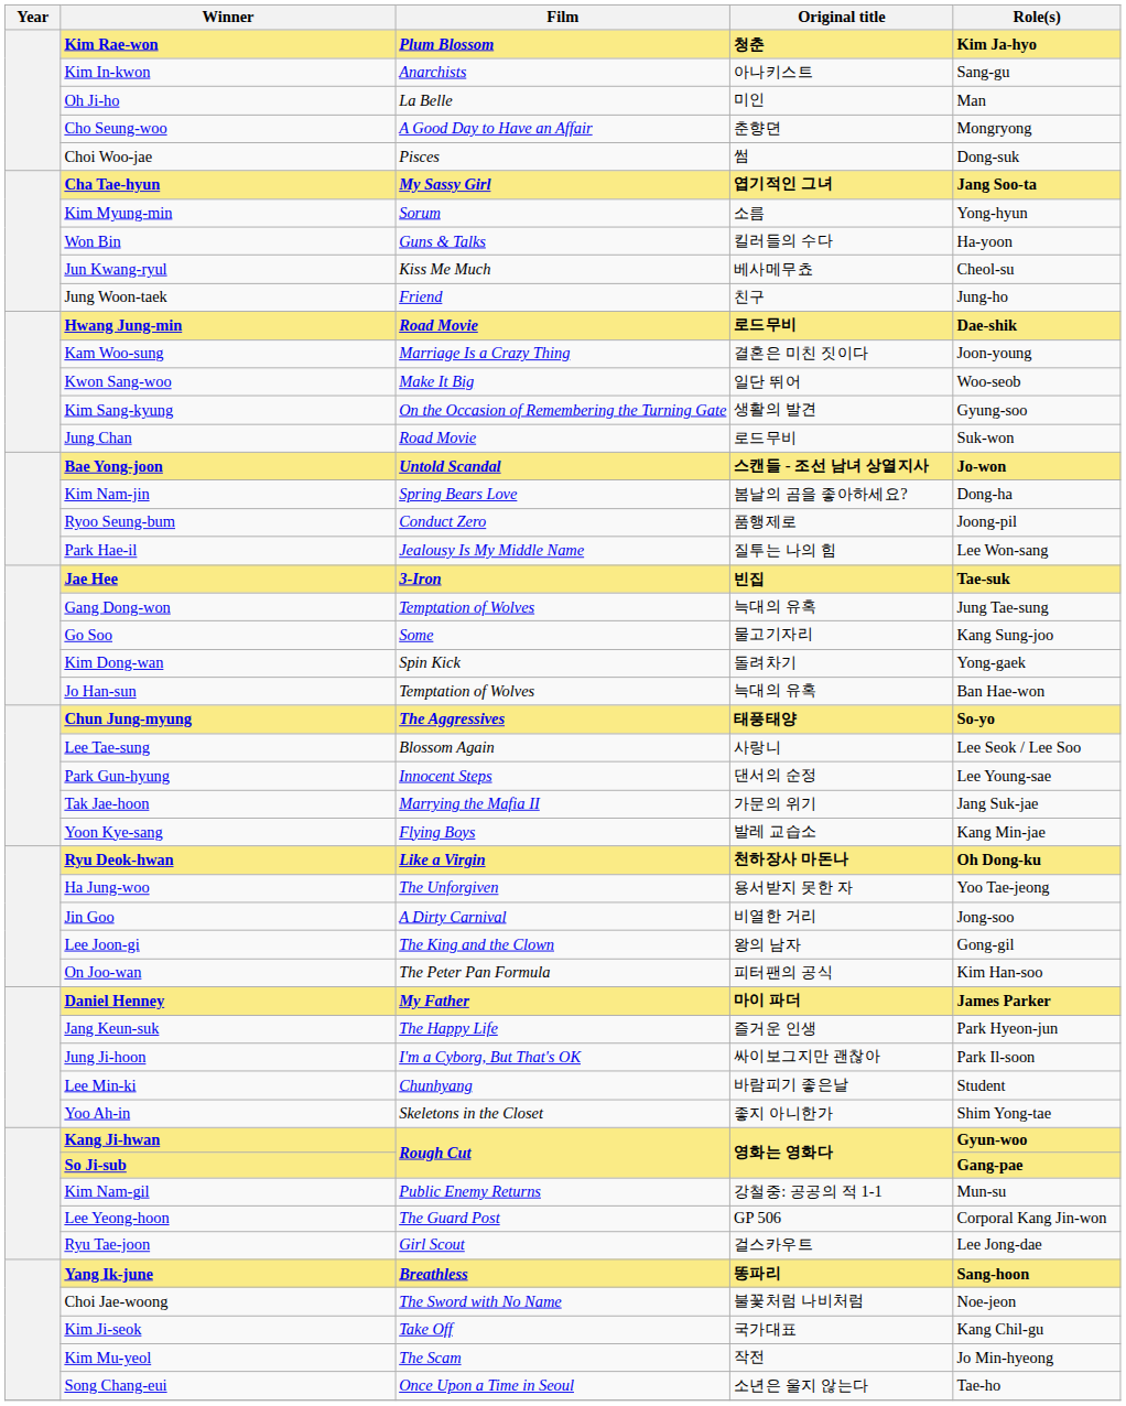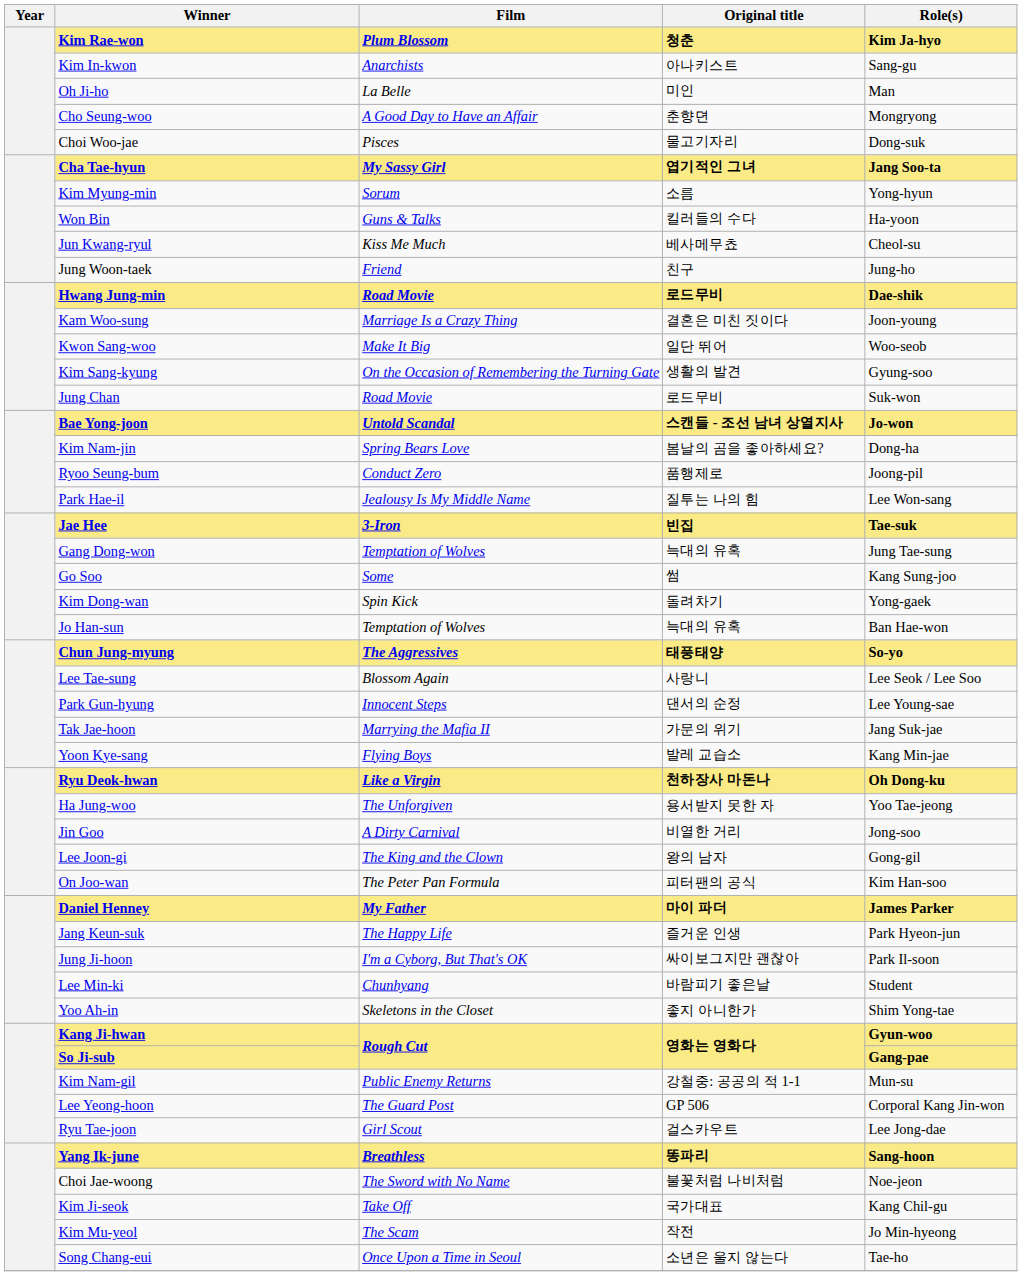 <table class="wikitable">
 <tr>
 <th style="width:5%;">Year</th>
 <th style="width:30%;">Winner</th>
 <th style="width:30%;">Film</th>
 <th style="width:20%;">Original title</th>
 <th style="width:20%;">Role(s)</th>
 </tr>
 <tr>
 <th rowspan="5"></th>
 <td style="background:#FAEB86;"><strong><a href='#'>Kim Rae-won</a></strong></td>
 <td style="background:#FAEB86;"><strong><em><a href='#'>Plum Blossom</a></em></strong></td>
 <td style="background:#FAEB86;"><strong>청춘</strong></td>
 <td style="background:#FAEB86;"><strong>Kim Ja-hyo</strong></td>
 </tr>
 <tr>
 <td><a href='#'>Kim In-kwon</a></td>
 <td><em><a href='#'>Anarchists</a></em></td>
 <td>아나키스트</td>
 <td>Sang-gu</td>
 </tr>
 <tr>
 <td><a href='#'>Oh Ji-ho</a></td>
 <td><em>La Belle</em></td>
 <td>미인</td>
 <td>Man</td>
 </tr>
 <tr>
 <td><a href='#'>Cho Seung-woo</a></td>
 <td><em><a href='#'>A Good Day to Have an Affair</a></em></td>
 <td>춘향뎐</td>
 <td>Mongryong</td>
 </tr>
 <tr>
 <td>Choi Woo-jae</td>
 <td><em>Pisces</em></td>
-<td>썸</td>
+<td>물고기자리</td>
 <td>Dong-suk</td>
 </tr>
 <tr>
 <th rowspan="5"></th>
 <td style="background:#FAEB86;"><strong><a href='#'>Cha Tae-hyun</a></strong></td>
 <td style="background:#FAEB86;"><strong><em><a href='#'>My Sassy Girl</a></em></strong></td>
 <td style="background:#FAEB86;"><strong>엽기적인 그녀</strong></td>
 <td style="background:#FAEB86;"><strong>Jang Soo-ta</strong></td>
 </tr>
 <tr>
 <td><a href='#'>Kim Myung-min</a></td>
 <td><em><a href='#'>Sorum</a></em></td>
 <td>소름</td>
 <td>Yong-hyun</td>
 </tr>
 <tr>
 <td><a href='#'>Won Bin</a></td>
 <td><em><a href='#'>Guns & Talks</a></em></td>
 <td>킬러들의 수다</td>
 <td>Ha-yoon</td>
 </tr>
 <tr>
 <td><a href='#'>Jun Kwang-ryul</a></td>
 <td><em>Kiss Me Much</em></td>
 <td>베사메무쵸</td>
 <td>Cheol-su</td>
 </tr>
 <tr>
 <td>Jung Woon-taek</td>
 <td><em><a href='#'>Friend</a></em></td>
 <td>친구</td>
 <td>Jung-ho</td>
 </tr>
 <tr>
 <th rowspan="5"></th>
 <td style="background:#FAEB86;"><strong><a href='#'>Hwang Jung-min</a></strong></td>
 <td style="background:#FAEB86;"><strong><em><a href='#'>Road Movie</a></em></strong></td>
 <td style="background:#FAEB86;"><strong>로드무비</strong></td>
 <td style="background:#FAEB86;"><strong>Dae-shik</strong></td>
 </tr>
 <tr>
 <td><a href='#'>Kam Woo-sung</a></td>
 <td><em><a href='#'>Marriage Is a Crazy Thing</a></em></td>
 <td>결혼은 미친 짓이다</td>
 <td>Joon-young</td>
 </tr>
 <tr>
 <td><a href='#'>Kwon Sang-woo</a></td>
 <td><em><a href='#'>Make It Big</a></em></td>
 <td>일단 뛰어</td>
 <td>Woo-seob</td>
 </tr>
 <tr>
 <td><a href='#'>Kim Sang-kyung</a></td>
 <td><em><a href='#'>On the Occasion of Remembering the Turning Gate</a></em></td>
 <td>생활의 발견</td>
 <td>Gyung-soo</td>
 </tr>
 <tr>
 <td><a href='#'>Jung Chan</a></td>
 <td><em><a href='#'>Road Movie</a></em></td>
 <td>로드무비</td>
 <td>Suk-won</td>
 </tr>
 <tr>
 <th rowspan="4"></th>
 <td style="background:#FAEB86;"><strong><a href='#'>Bae Yong-joon</a></strong></td>
 <td style="background:#FAEB86;"><strong><em><a href='#'>Untold Scandal</a></em></strong></td>
 <td style="background:#FAEB86;"><strong>스캔들 - 조선 남녀 상열지사</strong></td>
 <td style="background:#FAEB86;"><strong>Jo-won</strong></td>
 </tr>
 <tr>
 <td><a href='#'>Kim Nam-jin</a></td>
 <td><em><a href='#'>Spring Bears Love</a></em></td>
 <td>봄날의 곰을 좋아하세요?</td>
 <td>Dong-ha</td>
 </tr>
 <tr>
 <td><a href='#'>Ryoo Seung-bum</a></td>
 <td><em><a href='#'>Conduct Zero</a></em></td>
 <td>품행제로</td>
 <td>Joong-pil</td>
 </tr>
 <tr>
 <td><a href='#'>Park Hae-il</a></td>
 <td><em><a href='#'>Jealousy Is My Middle Name</a></em></td>
 <td>질투는 나의 힘</td>
 <td>Lee Won-sang</td>
 </tr>
 <tr>
 <th rowspan="5"></th>
 <td style="background:#FAEB86;"><strong><a href='#'>Jae Hee</a></strong></td>
 <td style="background:#FAEB86;"><strong><em><a href='#'>3-Iron</a></em></strong></td>
 <td style="background:#FAEB86;"><strong>빈집</strong></td>
 <td style="background:#FAEB86;"><strong>Tae-suk</strong></td>
 </tr>
 <tr>
 <td><a href='#'>Gang Dong-won</a></td>
 <td><em><a href='#'>Temptation of Wolves</a></em></td>
 <td>늑대의 유혹</td>
 <td>Jung Tae-sung</td>
 </tr>
 <tr>
 <td><a href='#'>Go Soo</a></td>
 <td><em><a href='#'>Some</a></em></td>
-<td>물고기자리</td>
+<td>썸</td>
 <td>Kang Sung-joo</td>
 </tr>
 <tr>
 <td><a href='#'>Kim Dong-wan</a></td>
 <td><em>Spin Kick</em></td>
 <td>돌려차기</td>
 <td>Yong-gaek</td>
 </tr>
 <tr>
 <td><a href='#'>Jo Han-sun</a></td>
 <td><em>Temptation of Wolves</em></td>
 <td>늑대의 유혹</td>
 <td>Ban Hae-won</td>
 </tr>
 <tr>
 <th rowspan="5"></th>
 <td style="background:#FAEB86;"><strong><a href='#'>Chun Jung-myung</a></strong></td>
 <td style="background:#FAEB86;"><strong><em><a href='#'>The Aggressives</a></em></strong></td>
 <td style="background:#FAEB86;"><strong>태풍태양</strong></td>
 <td style="background:#FAEB86;"><strong>So-yo</strong></td>
 </tr>
 <tr>
 <td><a href='#'>Lee Tae-sung</a></td>
 <td><em>Blossom Again</em></td>
 <td>사랑니</td>
 <td>Lee Seok / Lee Soo</td>
 </tr>
 <tr>
 <td><a href='#'>Park Gun-hyung</a></td>
 <td><em><a href='#'>Innocent Steps</a></em></td>
 <td>댄서의 순정</td>
 <td>Lee Young-sae</td>
 </tr>
 <tr>
 <td><a href='#'>Tak Jae-hoon</a></td>
 <td><em><a href='#'>Marrying the Mafia II</a></em></td>
 <td>가문의 위기</td>
 <td>Jang Suk-jae</td>
 </tr>
 <tr>
 <td><a href='#'>Yoon Kye-sang</a></td>
 <td><em><a href='#'>Flying Boys</a></em></td>
 <td>발레 교습소</td>
 <td>Kang Min-jae</td>
 </tr>
 <tr>
 <th rowspan="5"></th>
 <td style="background:#FAEB86;"><strong><a href='#'>Ryu Deok-hwan</a></strong></td>
 <td style="background:#FAEB86;"><strong><em><a href='#'>Like a Virgin</a></em></strong></td>
 <td style="background:#FAEB86;"><strong>천하장사 마돈나</strong></td>
 <td style="background:#FAEB86;"><strong>Oh Dong-ku</strong></td>
 </tr>
 <tr>
 <td><a href='#'>Ha Jung-woo</a></td>
 <td><em><a href='#'>The Unforgiven</a></em></td>
 <td>용서받지 못한 자</td>
 <td>Yoo Tae-jeong</td>
 </tr>
 <tr>
 <td><a href='#'>Jin Goo</a></td>
 <td><em><a href='#'>A Dirty Carnival</a></em></td>
 <td>비열한 거리</td>
 <td>Jong-soo</td>
 </tr>
 <tr>
 <td><a href='#'>Lee Joon-gi</a></td>
 <td><em><a href='#'>The King and the Clown</a></em></td>
 <td>왕의 남자</td>
 <td>Gong-gil</td>
 </tr>
 <tr>
 <td><a href='#'>On Joo-wan</a></td>
 <td><em>The Peter Pan Formula</em></td>
 <td>피터팬의 공식</td>
 <td>Kim Han-soo</td>
 </tr>
 <tr>
 <th rowspan="5"></th>
 <td style="background:#FAEB86;"><strong><a href='#'>Daniel Henney</a></strong></td>
 <td style="background:#FAEB86;"><strong><em><a href='#'>My Father</a></em></strong></td>
 <td style="background:#FAEB86;"><strong>마이 파더</strong></td>
 <td style="background:#FAEB86;"><strong>James Parker</strong></td>
 </tr>
 <tr>
 <td><a href='#'>Jang Keun-suk</a></td>
 <td><em><a href='#'>The Happy Life</a></em></td>
 <td>즐거운 인생</td>
 <td>Park Hyeon-jun</td>
 </tr>
 <tr>
 <td><a href='#'>Jung Ji-hoon</a></td>
 <td><em><a href='#'>I'm a Cyborg, But That's OK</a></em></td>
 <td>싸이보그지만 괜찮아</td>
 <td>Park Il-soon</td>
 </tr>
 <tr>
 <td><a href='#'>Lee Min-ki</a></td>
 <td><em><a href='#'>Chunhyang</a></em></td>
 <td>바람피기 좋은날</td>
 <td>Student</td>
 </tr>
 <tr>
 <td><a href='#'>Yoo Ah-in</a></td>
 <td><em>Skeletons in the Closet</em></td>
 <td>좋지 아니한가</td>
 <td>Shim Yong-tae</td>
 </tr>
 <tr>
 <th rowspan="5"></th>
 <td style="background:#FAEB86;"><strong><a href='#'>Kang Ji-hwan</a></strong></td>
 <td style="background:#FAEB86;" rowspan="2"><strong><em><a href='#'>Rough Cut</a></em></strong></td>
 <td style="background:#FAEB86;" rowspan="2"><strong>영화는 영화다</strong></td>
 <td style="background:#FAEB86;"><strong>Gyun-woo</strong></td>
 </tr>
 <tr>
 <td style="background:#FAEB86;"><strong><a href='#'>So Ji-sub</a></strong></td>
 <td style="background:#FAEB86;"><strong>Gang-pae</strong></td>
 </tr>
 <tr>
 <td><a href='#'>Kim Nam-gil</a></td>
 <td><em><a href='#'>Public Enemy Returns</a></em></td>
 <td>강철중: 공공의 적 1-1</td>
 <td>Mun-su</td>
 </tr>
 <tr>
 <td><a href='#'>Lee Yeong-hoon</a></td>
 <td><em><a href='#'>The Guard Post</a></em></td>
 <td>GP 506</td>
 <td>Corporal Kang Jin-won</td>
 </tr>
 <tr>
 <td><a href='#'>Ryu Tae-joon</a></td>
 <td><em><a href='#'>Girl Scout</a></em></td>
 <td>걸스카우트</td>
 <td>Lee Jong-dae</td>
 </tr>
 <tr>
 <th rowspan="5"></th>
 <td style="background:#FAEB86;"><strong><a href='#'>Yang Ik-june</a></strong></td>
 <td style="background:#FAEB86;"><strong><em><a href='#'>Breathless</a></em></strong></td>
 <td style="background:#FAEB86;"><strong>똥파리</strong></td>
 <td style="background:#FAEB86;"><strong>Sang-hoon</strong></td>
 </tr>
 <tr>
 <td>Choi Jae-woong</td>
 <td><em><a href='#'>The Sword with No Name</a></em></td>
 <td>불꽃처럼 나비처럼</td>
 <td>Noe-jeon</td>
 </tr>
 <tr>
 <td><a href='#'>Kim Ji-seok</a></td>
 <td><em><a href='#'>Take Off</a></em></td>
 <td>국가대표</td>
 <td>Kang Chil-gu</td>
 </tr>
 <tr>
 <td><a href='#'>Kim Mu-yeol</a></td>
 <td><em><a href='#'>The Scam</a></em></td>
 <td>작전</td>
 <td>Jo Min-hyeong</td>
 </tr>
 <tr>
 <td><a href='#'>Song Chang-eui</a></td>
 <td><em><a href='#'>Once Upon a Time in Seoul</a></em></td>
 <td>소년은 울지 않는다</td>
 <td>Tae-ho</td>
 </tr>
 <tr>
 </tr>
 </table>
